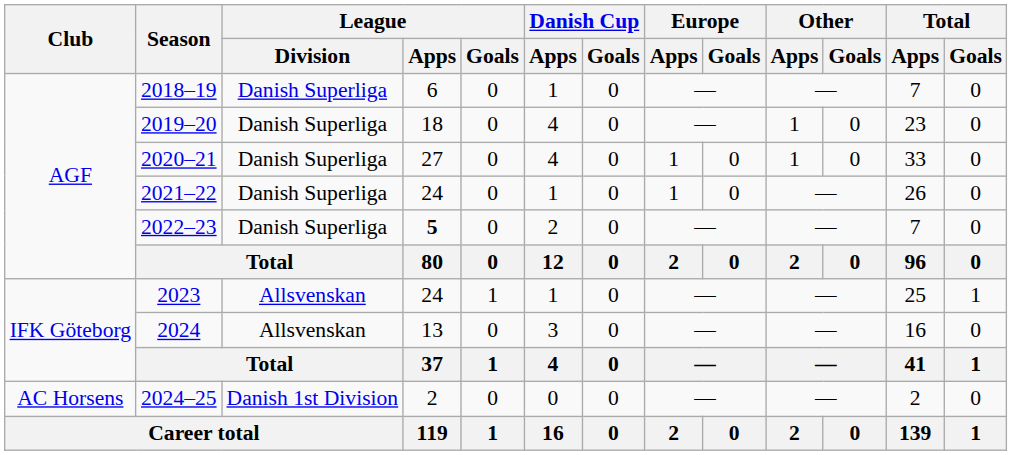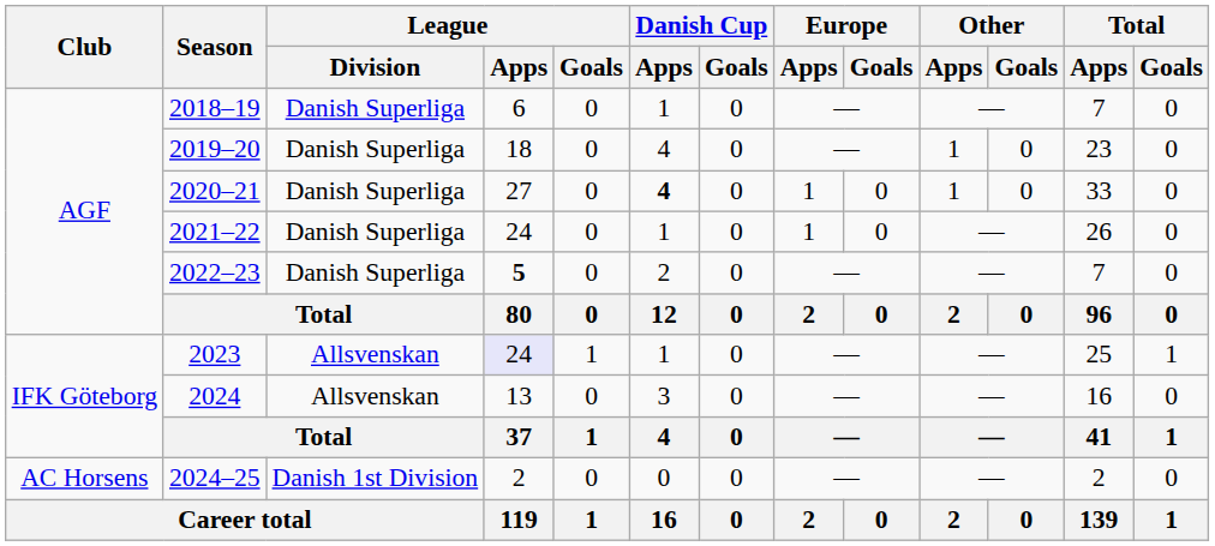 <table class="wikitable" style="text-align:center">
 <tr>
 <th rowspan="2">Club</th>
 <th rowspan="2">Season</th>
 <th colspan="3">League</th>
 <th colspan="2"><a href='#'>Danish Cup</a></th>
 <th colspan="2">Europe</th>
 <th colspan="2">Other</th>
 <th colspan="2">Total</th>
 </tr>
 <tr>
 <th>Division</th>
 <th>Apps</th>
 <th>Goals</th>
 <th>Apps</th>
 <th>Goals</th>
 <th>Apps</th>
 <th>Goals</th>
 <th>Apps</th>
 <th>Goals</th>
 <th>Apps</th>
 <th>Goals</th>
 </tr>
 <tr>
 <td rowspan="6"><a href='#'>AGF</a></td>
 <td><a href='#'>2018–19</a></td>
 <td><a href='#'>Danish Superliga</a></td>
 <td>6</td>
 <td>0</td>
 <td>1</td>
 <td>0</td>
 <td colspan="2">—</td>
 <td colspan="2">—</td>
 <td>7</td>
 <td>0</td>
 </tr>
 <tr>
 <td><a href='#'>2019–20</a></td>
 <td>Danish Superliga</td>
 <td>18</td>
 <td>0</td>
 <td>4</td>
 <td>0</td>
 <td colspan="2">—</td>
 <td>1</td>
 <td>0</td>
 <td>23</td>
 <td>0</td>
 </tr>
 <tr>
 <td><a href='#'>2020–21</a></td>
 <td>Danish Superliga</td>
 <td>27</td>
 <td>0</td>
-<td>4</td>
+<td><strong>4</strong></td>
 <td>0</td>
 <td>1</td>
 <td>0</td>
 <td>1</td>
 <td>0</td>
 <td>33</td>
 <td>0</td>
 </tr>
 <tr>
 <td><a href='#'>2021–22</a></td>
 <td>Danish Superliga</td>
 <td>24</td>
 <td>0</td>
 <td>1</td>
 <td>0</td>
 <td>1</td>
 <td>0</td>
 <td colspan="2">—</td>
 <td>26</td>
 <td>0</td>
 </tr>
 <tr>
 <td><a href='#'>2022–23</a></td>
 <td>Danish Superliga</td>
 <td><strong>5</strong></td>
 <td>0</td>
 <td>2</td>
 <td>0</td>
 <td colspan="2">—</td>
 <td colspan="2">—</td>
 <td>7</td>
 <td>0</td>
 </tr>
 <tr>
 <th colspan="2">Total</th>
 <th>80</th>
 <th>0</th>
 <th>12</th>
 <th>0</th>
 <th>2</th>
 <th>0</th>
 <th>2</th>
 <th>0</th>
 <th>96</th>
 <th>0</th>
 </tr>
 <tr>
 <td rowspan="3"><a href='#'>IFK Göteborg</a></td>
 <td><a href='#'>2023</a></td>
 <td><a href='#'>Allsvenskan</a></td>
-<td>24</td>
+<td style="background: lavender;">24</td>
 <td>1</td>
 <td>1</td>
 <td>0</td>
 <td colspan="2">—</td>
 <td colspan="2">—</td>
 <td>25</td>
 <td>1</td>
 </tr>
 <tr>
 <td><a href='#'>2024</a></td>
 <td>Allsvenskan</td>
 <td>13</td>
 <td>0</td>
 <td>3</td>
 <td>0</td>
 <td colspan="2">—</td>
 <td colspan="2">—</td>
 <td>16</td>
 <td>0</td>
 </tr>
 <tr>
 <th colspan="2">Total</th>
 <th>37</th>
 <th>1</th>
 <th>4</th>
 <th>0</th>
 <th colspan="2">—</th>
 <th colspan="2">—</th>
 <th>41</th>
 <th>1</th>
 </tr>
 <tr>
 <td rowspan="1"><a href='#'>AC Horsens</a></td>
 <td><a href='#'>2024–25</a></td>
 <td><a href='#'>Danish 1st Division</a></td>
 <td>2</td>
 <td>0</td>
 <td>0</td>
 <td>0</td>
 <td colspan="2">—</td>
 <td colspan="2">—</td>
 <td>2</td>
 <td>0</td>
 </tr>
 <tr>
 <th colspan=3>Career total</th>
 <th>119</th>
 <th>1</th>
 <th>16</th>
 <th>0</th>
 <th>2</th>
 <th>0</th>
 <th>2</th>
 <th>0</th>
 <th>139</th>
 <th>1</th>
 </tr>
 </table>
